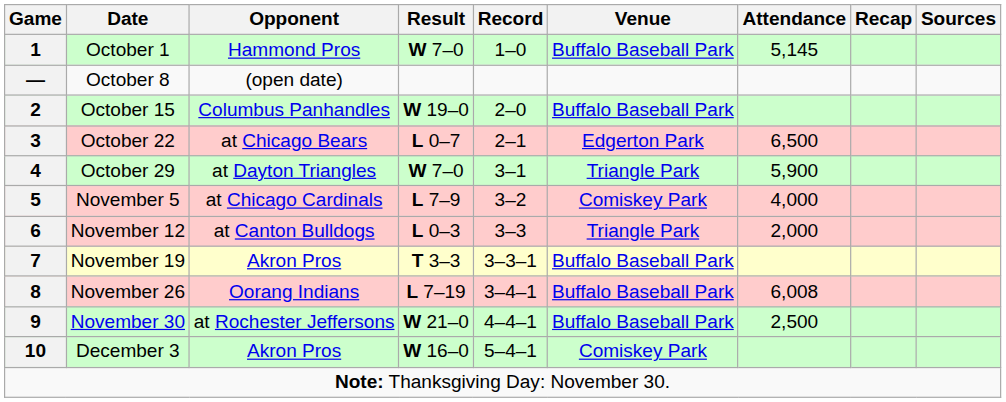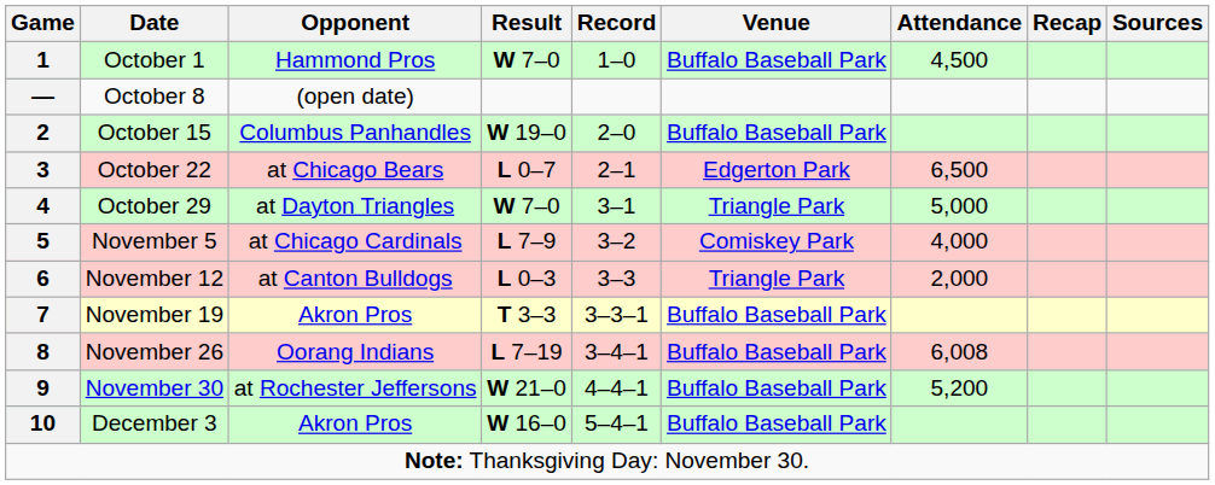 <table class="wikitable" style="text-align:center">
 <tr>
 <th>Game</th>
 <th>Date</th>
 <th>Opponent</th>
 <th>Result</th>
 <th>Record</th>
 <th>Venue</th>
 <th>Attendance</th>
 <th>Recap</th>
 <th>Sources</th>
 </tr>
 <tr style="background:#cfc">
 <th>1</th>
 <td>October 1</td>
 <td><a href='#'>Hammond Pros</a></td>
 <td><strong>W</strong> 7–0</td>
 <td>1–0</td>
 <td><a href='#'>Buffalo Baseball Park</a></td>
-<td>5,145</td>
+<td>4,500</td>
 <td></td>
 <td></td>
 </tr>
 <tr>
 <th>—</th>
 <td>October 8</td>
 <td>(open date)</td>
 <td></td>
 <td></td>
 <td></td>
 <td></td>
 <td></td>
 <td></td>
 </tr>
 <tr style="background:#cfc">
 <th>2</th>
 <td>October 15</td>
 <td><a href='#'>Columbus Panhandles</a></td>
 <td><strong>W</strong> 19–0</td>
 <td>2–0</td>
 <td><a href='#'>Buffalo Baseball Park</a></td>
 <td></td>
 <td></td>
 <td></td>
 </tr>
 <tr style="background:#fcc">
 <th>3</th>
 <td>October 22</td>
 <td>at <a href='#'>Chicago Bears</a></td>
 <td><strong>L</strong> 0–7</td>
 <td>2–1</td>
 <td><a href='#'>Edgerton Park</a></td>
 <td>6,500</td>
 <td></td>
 <td></td>
 </tr>
 <tr style="background:#cfc">
 <th>4</th>
 <td>October 29</td>
 <td>at <a href='#'>Dayton Triangles</a></td>
 <td><strong>W</strong> 7–0</td>
 <td>3–1</td>
 <td><a href='#'>Triangle Park</a></td>
-<td>5,900</td>
+<td>5,000</td>
 <td></td>
 <td></td>
 </tr>
 <tr style="background:#fcc">
 <th>5</th>
 <td>November 5</td>
 <td>at <a href='#'>Chicago Cardinals</a></td>
 <td><strong>L</strong> 7–9</td>
 <td>3–2</td>
 <td><a href='#'>Comiskey Park</a></td>
 <td>4,000</td>
 <td></td>
 <td></td>
 </tr>
 <tr style="background:#fcc">
 <th>6</th>
 <td>November 12</td>
 <td>at <a href='#'>Canton Bulldogs</a></td>
 <td><strong>L</strong> 0–3</td>
 <td>3–3</td>
 <td><a href='#'>Triangle Park</a></td>
 <td>2,000</td>
 <td></td>
 <td></td>
 </tr>
 <tr style="background:#ffc">
 <th>7</th>
 <td>November 19</td>
 <td><a href='#'>Akron Pros</a></td>
 <td><strong>T</strong> 3–3</td>
 <td>3–3–1</td>
 <td><a href='#'>Buffalo Baseball Park</a></td>
 <td></td>
 <td></td>
 <td></td>
 </tr>
 <tr style="background:#fcc">
 <th>8</th>
 <td>November 26</td>
 <td><a href='#'>Oorang Indians</a></td>
 <td><strong>L</strong> 7–19</td>
 <td>3–4–1</td>
 <td><a href='#'>Buffalo Baseball Park</a></td>
 <td>6,008</td>
 <td></td>
 <td></td>
 </tr>
 <tr style="background:#cfc">
 <th>9</th>
 <td><a href='#'>November 30</a></td>
 <td>at <a href='#'>Rochester Jeffersons</a></td>
 <td><strong>W</strong> 21–0</td>
 <td>4–4–1</td>
 <td><a href='#'>Buffalo Baseball Park</a></td>
-<td>2,500</td>
+<td>5,200</td>
 <td></td>
 <td></td>
 </tr>
 <tr style="background:#cfc">
 <th>10</th>
 <td>December 3</td>
 <td><a href='#'>Akron Pros</a></td>
 <td><strong>W</strong> 16–0</td>
 <td>5–4–1</td>
-<td><a href='#'>Comiskey Park</a></td>
+<td><a href='#'>Buffalo Baseball Park</a></td>
 <td></td>
 <td></td>
 <td></td>
 </tr>
 <tr>
 <td colspan="10"><strong>Note:</strong> Thanksgiving Day: November 30.</td>
 </tr>
 </table>
